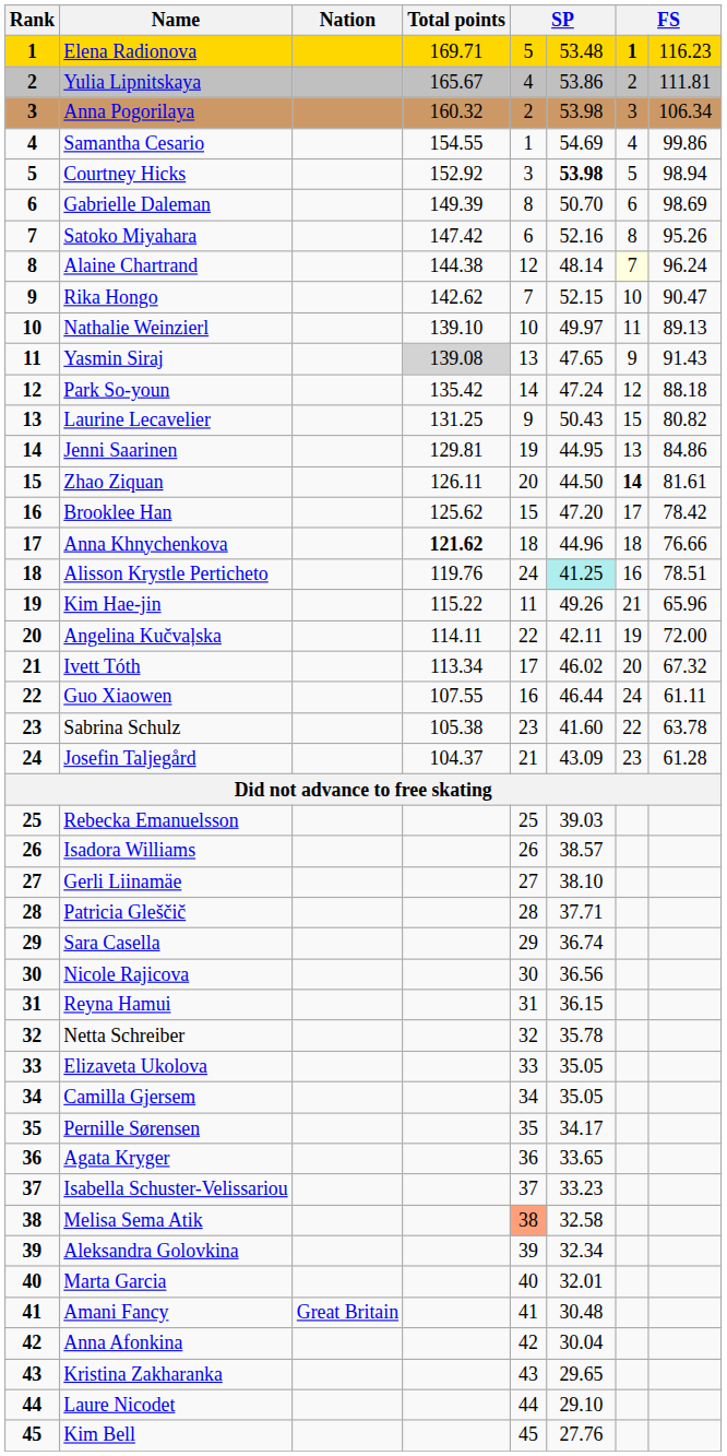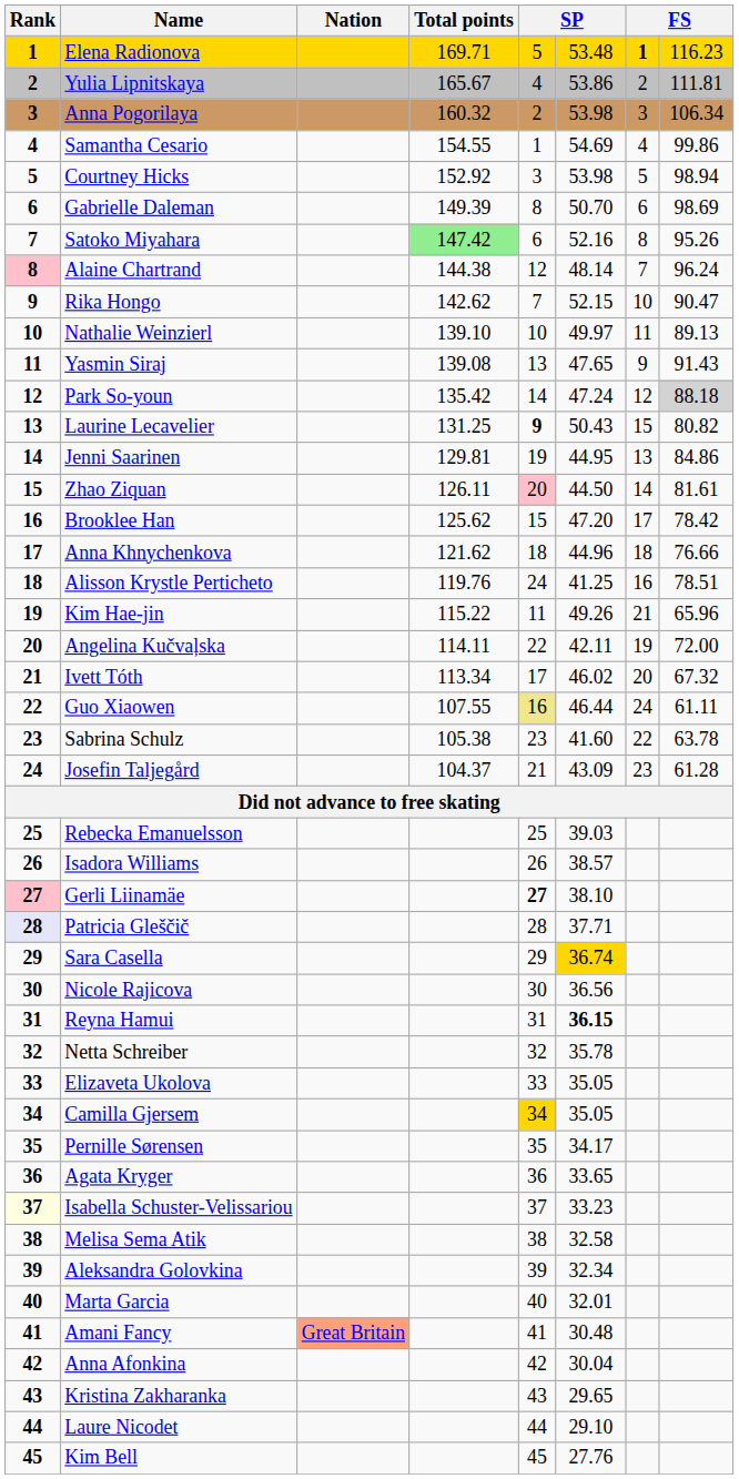 <table class="wikitable sortable">
 <tr>
 <th>Rank</th>
 <th>Name</th>
 <th>Nation</th>
 <th>Total points</th>
 <th colspan="2" width="80px"><a href='#'>SP</a></th>
 <th colspan="2" width="80px"><a href='#'>FS</a></th>
 </tr>
 <tr style="background-color: gold;">
 <td style="text-align: center;"><strong>1</strong></td>
 <td><a href='#'>Elena Radionova</a></td>
 <td></td>
 <td style="text-align: center;">169.71</td>
 <td style="text-align: center;">5</td>
 <td style="text-align: center;">53.48</td>
 <td style="text-align: center;"><strong>1</strong></td>
 <td style="text-align: center;">116.23</td>
 </tr>
 <tr style="background-color: silver;">
 <td style="text-align: center;"><strong>2</strong></td>
 <td><a href='#'>Yulia Lipnitskaya</a></td>
 <td></td>
 <td style="text-align: center;">165.67</td>
 <td style="text-align: center;">4</td>
 <td style="text-align: center;">53.86</td>
 <td style="text-align: center;">2</td>
 <td style="text-align: center;">111.81</td>
 </tr>
 <tr style="background-color: #cc9966;">
 <td style="text-align: center;"><strong>3</strong></td>
 <td><a href='#'>Anna Pogorilaya</a></td>
 <td></td>
 <td style="text-align: center;">160.32</td>
 <td style="text-align: center;">2</td>
 <td style="text-align: center;">53.98</td>
 <td style="text-align: center;">3</td>
 <td style="text-align: center;">106.34</td>
 </tr>
 <tr>
 <td style="text-align: center;"><strong>4</strong></td>
 <td><a href='#'>Samantha Cesario</a></td>
 <td></td>
 <td style="text-align: center;">154.55</td>
 <td style="text-align: center;">1</td>
 <td style="text-align: center;">54.69</td>
 <td style="text-align: center;">4</td>
 <td style="text-align: center;">99.86</td>
 </tr>
 <tr>
 <td style="text-align: center;"><strong>5</strong></td>
 <td><a href='#'>Courtney Hicks</a></td>
 <td></td>
 <td style="text-align: center;">152.92</td>
 <td style="text-align: center;">3</td>
-<td style="text-align: center;"><strong>53.98</strong></td>
+<td style="text-align: center;">53.98</td>
 <td style="text-align: center;">5</td>
 <td style="text-align: center;">98.94</td>
 </tr>
 <tr>
 <td style="text-align: center;"><strong>6</strong></td>
 <td><a href='#'>Gabrielle Daleman</a></td>
 <td></td>
 <td style="text-align: center;">149.39</td>
 <td style="text-align: center;">8</td>
 <td style="text-align: center;">50.70</td>
 <td style="text-align: center;">6</td>
 <td style="text-align: center;">98.69</td>
 </tr>
 <tr>
 <td style="text-align: center;"><strong>7</strong></td>
 <td><a href='#'>Satoko Miyahara</a></td>
 <td></td>
-<td style="text-align: center;">147.42</td>
+<td style="background: lightgreen; text-align: center;">147.42</td>
 <td style="text-align: center;">6</td>
 <td style="text-align: center;">52.16</td>
 <td style="text-align: center;">8</td>
 <td style="text-align: center;">95.26</td>
 </tr>
 <tr>
-<td style="text-align: center;"><strong>8</strong></td>
+<td style="background: pink; text-align: center;"><strong>8</strong></td>
 <td><a href='#'>Alaine Chartrand</a></td>
 <td></td>
 <td style="text-align: center;">144.38</td>
 <td style="text-align: center;">12</td>
 <td style="text-align: center;">48.14</td>
-<td style="background: lightyellow; text-align: center;">7</td>
+<td style="text-align: center;">7</td>
 <td style="text-align: center;">96.24</td>
 </tr>
 <tr>
 <td style="text-align: center;"><strong>9</strong></td>
 <td><a href='#'>Rika Hongo</a></td>
 <td></td>
 <td style="text-align: center;">142.62</td>
 <td style="text-align: center;">7</td>
 <td style="text-align: center;">52.15</td>
 <td style="text-align: center;">10</td>
 <td style="text-align: center;">90.47</td>
 </tr>
 <tr>
 <td style="text-align: center;"><strong>10</strong></td>
 <td><a href='#'>Nathalie Weinzierl</a></td>
 <td></td>
 <td style="text-align: center;">139.10</td>
 <td style="text-align: center;">10</td>
 <td style="text-align: center;">49.97</td>
 <td style="text-align: center;">11</td>
 <td style="text-align: center;">89.13</td>
 </tr>
 <tr>
 <td style="text-align: center;"><strong>11</strong></td>
 <td><a href='#'>Yasmin Siraj</a></td>
 <td></td>
-<td style="background: lightgrey; text-align: center;">139.08</td>
+<td style="text-align: center;">139.08</td>
 <td style="text-align: center;">13</td>
 <td style="text-align: center;">47.65</td>
 <td style="text-align: center;">9</td>
 <td style="text-align: center;">91.43</td>
 </tr>
 <tr>
 <td style="text-align: center;"><strong>12</strong></td>
 <td><a href='#'>Park So-youn</a></td>
 <td></td>
 <td style="text-align: center;">135.42</td>
 <td style="text-align: center;">14</td>
 <td style="text-align: center;">47.24</td>
 <td style="text-align: center;">12</td>
-<td style="text-align: center;">88.18</td>
+<td style="background: lightgrey; text-align: center;">88.18</td>
 </tr>
 <tr>
 <td style="text-align: center;"><strong>13</strong></td>
 <td><a href='#'>Laurine Lecavelier</a></td>
 <td></td>
 <td style="text-align: center;">131.25</td>
-<td style="text-align: center;">9</td>
+<td style="text-align: center;"><strong>9</strong></td>
 <td style="text-align: center;">50.43</td>
 <td style="text-align: center;">15</td>
 <td style="text-align: center;">80.82</td>
 </tr>
 <tr>
 <td style="text-align: center;"><strong>14</strong></td>
 <td><a href='#'>Jenni Saarinen</a></td>
 <td></td>
 <td style="text-align: center;">129.81</td>
 <td style="text-align: center;">19</td>
 <td style="text-align: center;">44.95</td>
 <td style="text-align: center;">13</td>
 <td style="text-align: center;">84.86</td>
 </tr>
 <tr>
 <td style="text-align: center;"><strong>15</strong></td>
 <td><a href='#'>Zhao Ziquan</a></td>
 <td></td>
 <td style="text-align: center;">126.11</td>
-<td style="text-align: center;">20</td>
+<td style="background: pink; text-align: center;">20</td>
 <td style="text-align: center;">44.50</td>
-<td style="text-align: center;"><strong>14</strong></td>
+<td style="text-align: center;">14</td>
 <td style="text-align: center;">81.61</td>
 </tr>
 <tr>
 <td style="text-align: center;"><strong>16</strong></td>
 <td><a href='#'>Brooklee Han</a></td>
 <td></td>
 <td style="text-align: center;">125.62</td>
 <td style="text-align: center;">15</td>
 <td style="text-align: center;">47.20</td>
 <td style="text-align: center;">17</td>
 <td style="text-align: center;">78.42</td>
 </tr>
 <tr>
 <td style="text-align: center;"><strong>17</strong></td>
 <td><a href='#'>Anna Khnychenkova</a></td>
 <td></td>
-<td style="text-align: center;"><strong>121.62</strong></td>
+<td style="text-align: center;">121.62</td>
 <td style="text-align: center;">18</td>
 <td style="text-align: center;">44.96</td>
 <td style="text-align: center;">18</td>
 <td style="text-align: center;">76.66</td>
 </tr>
 <tr>
 <td style="text-align: center;"><strong>18</strong></td>
 <td><a href='#'>Alisson Krystle Perticheto</a></td>
 <td></td>
 <td style="text-align: center;">119.76</td>
 <td style="text-align: center;">24</td>
-<td style="background: paleturquoise; text-align: center;">41.25</td>
+<td style="text-align: center;">41.25</td>
 <td style="text-align: center;">16</td>
 <td style="text-align: center;">78.51</td>
 </tr>
 <tr>
 <td style="text-align: center;"><strong>19</strong></td>
 <td><a href='#'>Kim Hae-jin</a></td>
 <td></td>
 <td style="text-align: center;">115.22</td>
 <td style="text-align: center;">11</td>
 <td style="text-align: center;">49.26</td>
 <td style="text-align: center;">21</td>
 <td style="text-align: center;">65.96</td>
 </tr>
 <tr>
 <td style="text-align: center;"><strong>20</strong></td>
 <td><a href='#'>Angelina Kučvaļska</a></td>
 <td></td>
 <td style="text-align: center;">114.11</td>
 <td style="text-align: center;">22</td>
 <td style="text-align: center;">42.11</td>
 <td style="text-align: center;">19</td>
 <td style="text-align: center;">72.00</td>
 </tr>
 <tr>
 <td style="text-align: center;"><strong>21</strong></td>
 <td><a href='#'>Ivett Tóth</a></td>
 <td></td>
 <td style="text-align: center;">113.34</td>
 <td style="text-align: center;">17</td>
 <td style="text-align: center;">46.02</td>
 <td style="text-align: center;">20</td>
 <td style="text-align: center;">67.32</td>
 </tr>
 <tr>
 <td style="text-align: center;"><strong>22</strong></td>
 <td><a href='#'>Guo Xiaowen</a></td>
 <td></td>
 <td style="text-align: center;">107.55</td>
-<td style="text-align: center;">16</td>
+<td style="background: khaki; text-align: center;">16</td>
 <td style="text-align: center;">46.44</td>
 <td style="text-align: center;">24</td>
 <td style="text-align: center;">61.11</td>
 </tr>
 <tr>
 <td style="text-align: center;"><strong>23</strong></td>
 <td>Sabrina Schulz</td>
 <td></td>
 <td style="text-align: center;">105.38</td>
 <td style="text-align: center;">23</td>
 <td style="text-align: center;">41.60</td>
 <td style="text-align: center;">22</td>
 <td style="text-align: center;">63.78</td>
 </tr>
 <tr>
 <td style="text-align: center;"><strong>24</strong></td>
 <td><a href='#'>Josefin Taljegård</a></td>
 <td></td>
 <td style="text-align: center;">104.37</td>
 <td style="text-align: center;">21</td>
 <td style="text-align: center;">43.09</td>
 <td style="text-align: center;">23</td>
 <td style="text-align: center;">61.28</td>
 </tr>
 <tr>
 <th colspan=10>Did not advance to free skating</th>
 </tr>
 <tr>
 <td style="text-align: center;"><strong>25</strong></td>
 <td><a href='#'>Rebecka Emanuelsson</a></td>
 <td></td>
 <td style="text-align: center;"></td>
 <td style="text-align: center;">25</td>
 <td style="text-align: center;">39.03</td>
 <td style="text-align: center;"></td>
 <td style="text-align: center;"></td>
 </tr>
 <tr>
 <td style="text-align: center;"><strong>26</strong></td>
 <td><a href='#'>Isadora Williams</a></td>
 <td></td>
 <td style="text-align: center;"></td>
 <td style="text-align: center;">26</td>
 <td style="text-align: center;">38.57</td>
 <td style="text-align: center;"></td>
 <td style="text-align: center;"></td>
 </tr>
 <tr>
-<td style="text-align: center;"><strong>27</strong></td>
+<td style="background: pink; text-align: center;"><strong>27</strong></td>
 <td><a href='#'>Gerli Liinamäe</a></td>
 <td></td>
 <td style="text-align: center;"></td>
-<td style="text-align: center;">27</td>
+<td style="text-align: center;"><strong>27</strong></td>
 <td style="text-align: center;">38.10</td>
 <td style="text-align: center;"></td>
 <td style="text-align: center;"></td>
 </tr>
 <tr>
-<td style="text-align: center;"><strong>28</strong></td>
+<td style="background: lavender; text-align: center;"><strong>28</strong></td>
 <td><a href='#'>Patricia Gleščič</a></td>
 <td></td>
 <td style="text-align: center;"></td>
 <td style="text-align: center;">28</td>
 <td style="text-align: center;">37.71</td>
 <td style="text-align: center;"></td>
 <td style="text-align: center;"></td>
 </tr>
 <tr>
 <td style="text-align: center;"><strong>29</strong></td>
 <td><a href='#'>Sara Casella</a></td>
 <td></td>
 <td style="text-align: center;"></td>
 <td style="text-align: center;">29</td>
-<td style="text-align: center;">36.74</td>
+<td style="background: gold; text-align: center;">36.74</td>
 <td style="text-align: center;"></td>
 <td style="text-align: center;"></td>
 </tr>
 <tr>
 <td style="text-align: center;"><strong>30</strong></td>
 <td><a href='#'>Nicole Rajicova</a></td>
 <td></td>
 <td style="text-align: center;"></td>
 <td style="text-align: center;">30</td>
 <td style="text-align: center;">36.56</td>
 <td style="text-align: center;"></td>
 <td style="text-align: center;"></td>
 </tr>
 <tr>
 <td style="text-align: center;"><strong>31</strong></td>
 <td><a href='#'>Reyna Hamui</a></td>
 <td></td>
 <td style="text-align: center;"></td>
 <td style="text-align: center;">31</td>
-<td style="text-align: center;">36.15</td>
+<td style="text-align: center;"><strong>36.15</strong></td>
 <td style="text-align: center;"></td>
 <td style="text-align: center;"></td>
 </tr>
 <tr>
 <td style="text-align: center;"><strong>32</strong></td>
 <td>Netta Schreiber</td>
 <td></td>
 <td style="text-align: center;"></td>
 <td style="text-align: center;">32</td>
 <td style="text-align: center;">35.78</td>
 <td style="text-align: center;"></td>
 <td style="text-align: center;"></td>
 </tr>
 <tr>
 <td style="text-align: center;"><strong>33</strong></td>
 <td><a href='#'>Elizaveta Ukolova</a></td>
 <td></td>
 <td style="text-align: center;"></td>
 <td style="text-align: center;">33</td>
 <td style="text-align: center;">35.05</td>
 <td style="text-align: center;"></td>
 <td style="text-align: center;"></td>
 </tr>
 <tr>
 <td style="text-align: center;"><strong>34</strong></td>
 <td><a href='#'>Camilla Gjersem</a></td>
 <td></td>
 <td style="text-align: center;"></td>
-<td style="text-align: center;">34</td>
+<td style="background: gold; text-align: center;">34</td>
 <td style="text-align: center;">35.05</td>
 <td style="text-align: center;"></td>
 <td style="text-align: center;"></td>
 </tr>
 <tr>
 <td style="text-align: center;"><strong>35</strong></td>
 <td><a href='#'>Pernille Sørensen</a></td>
 <td></td>
 <td style="text-align: center;"></td>
 <td style="text-align: center;">35</td>
 <td style="text-align: center;">34.17</td>
 <td style="text-align: center;"></td>
 <td style="text-align: center;"></td>
 </tr>
 <tr>
 <td style="text-align: center;"><strong>36</strong></td>
 <td><a href='#'>Agata Kryger</a></td>
 <td></td>
 <td style="text-align: center;"></td>
 <td style="text-align: center;">36</td>
 <td style="text-align: center;">33.65</td>
 <td style="text-align: center;"></td>
 <td style="text-align: center;"></td>
 </tr>
 <tr>
-<td style="text-align: center;"><strong>37</strong></td>
+<td style="background: lightyellow; text-align: center;"><strong>37</strong></td>
 <td><a href='#'>Isabella Schuster-Velissariou</a></td>
 <td></td>
 <td style="text-align: center;"></td>
 <td style="text-align: center;">37</td>
 <td style="text-align: center;">33.23</td>
 <td style="text-align: center;"></td>
 <td style="text-align: center;"></td>
 </tr>
 <tr>
 <td style="text-align: center;"><strong>38</strong></td>
 <td><a href='#'>Melisa Sema Atik</a></td>
 <td></td>
 <td style="text-align: center;"></td>
-<td style="background: lightsalmon; text-align: center;">38</td>
+<td style="text-align: center;">38</td>
 <td style="text-align: center;">32.58</td>
 <td style="text-align: center;"></td>
 <td style="text-align: center;"></td>
 </tr>
 <tr>
 <td style="text-align: center;"><strong>39</strong></td>
 <td><a href='#'>Aleksandra Golovkina</a></td>
 <td></td>
 <td style="text-align: center;"></td>
 <td style="text-align: center;">39</td>
 <td style="text-align: center;">32.34</td>
 <td style="text-align: center;"></td>
 <td style="text-align: center;"></td>
 </tr>
 <tr>
 <td style="text-align: center;"><strong>40</strong></td>
 <td><a href='#'>Marta Garcia</a></td>
 <td></td>
 <td style="text-align: center;"></td>
 <td style="text-align: center;">40</td>
 <td style="text-align: center;">32.01</td>
 <td style="text-align: center;"></td>
 <td style="text-align: center;"></td>
 </tr>
 <tr>
 <td style="text-align: center;"><strong>41</strong></td>
 <td><a href='#'>Amani Fancy</a></td>
-<td> <a href='#'>Great Britain</a></td>
+<td style="background: lightsalmon;"> <a href='#'>Great Britain</a></td>
 <td style="text-align: center;"></td>
 <td style="text-align: center;">41</td>
 <td style="text-align: center;">30.48</td>
 <td style="text-align: center;"></td>
 <td style="text-align: center;"></td>
 </tr>
 <tr>
 <td style="text-align: center;"><strong>42</strong></td>
 <td><a href='#'>Anna Afonkina</a></td>
 <td></td>
 <td style="text-align: center;"></td>
 <td style="text-align: center;">42</td>
 <td style="text-align: center;">30.04</td>
 <td style="text-align: center;"></td>
 <td style="text-align: center;"></td>
 </tr>
 <tr>
 <td style="text-align: center;"><strong>43</strong></td>
 <td><a href='#'>Kristina Zakharanka</a></td>
 <td></td>
 <td style="text-align: center;"></td>
 <td style="text-align: center;">43</td>
 <td style="text-align: center;">29.65</td>
 <td style="text-align: center;"></td>
 <td style="text-align: center;"></td>
 </tr>
 <tr>
 <td style="text-align: center;"><strong>44</strong></td>
 <td><a href='#'>Laure Nicodet</a></td>
 <td></td>
 <td style="text-align: center;"></td>
 <td style="text-align: center;">44</td>
 <td style="text-align: center;">29.10</td>
 <td style="text-align: center;"></td>
 <td style="text-align: center;"></td>
 </tr>
 <tr>
 <td style="text-align: center;"><strong>45</strong></td>
 <td><a href='#'>Kim Bell</a></td>
 <td></td>
 <td style="text-align: center;"></td>
 <td style="text-align: center;">45</td>
 <td style="text-align: center;">27.76</td>
 <td style="text-align: center;"></td>
 <td style="text-align: center;"></td>
 </tr>
 </table>
